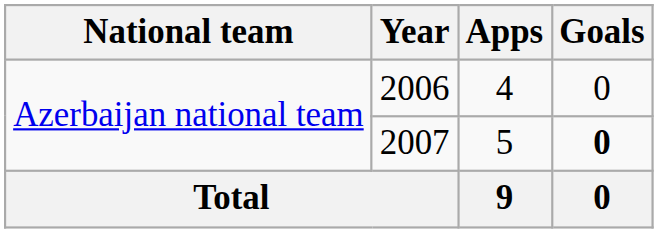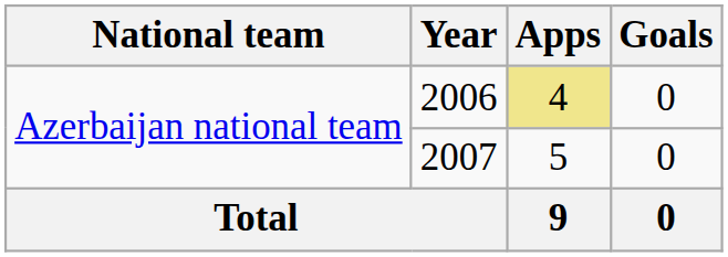 <table class="wikitable" style="text-align:center">
 <tr>
 <th>National team</th>
 <th>Year</th>
 <th>Apps</th>
 <th>Goals</th>
 </tr>
 <tr>
 <td rowspan="2"><a href='#'>Azerbaijan national team</a></td>
 <td>2006</td>
-<td>4</td>
+<td style="background: khaki;">4</td>
 <td>0</td>
 </tr>
 <tr>
 <td>2007</td>
 <td>5</td>
-<td><strong>0</strong></td>
+<td>0</td>
 </tr>
 <tr>
 <th colspan="2">Total</th>
 <th>9</th>
 <th>0</th>
 </tr>
 </table>
